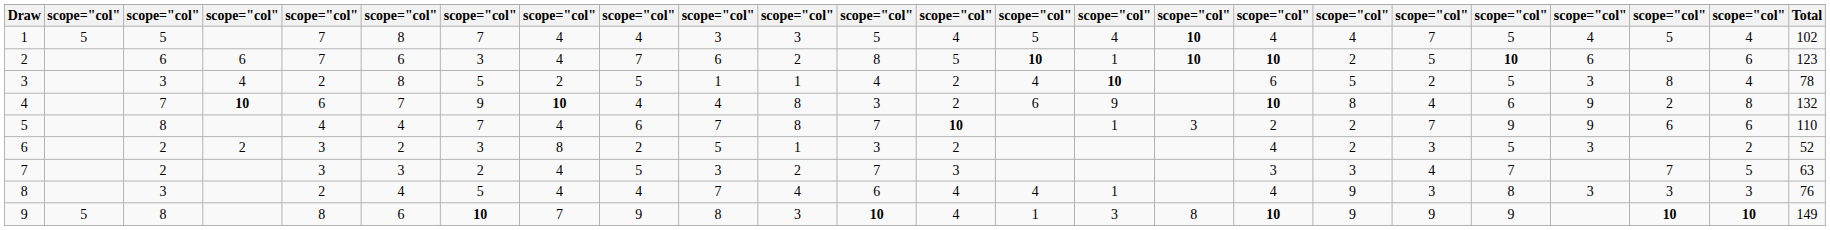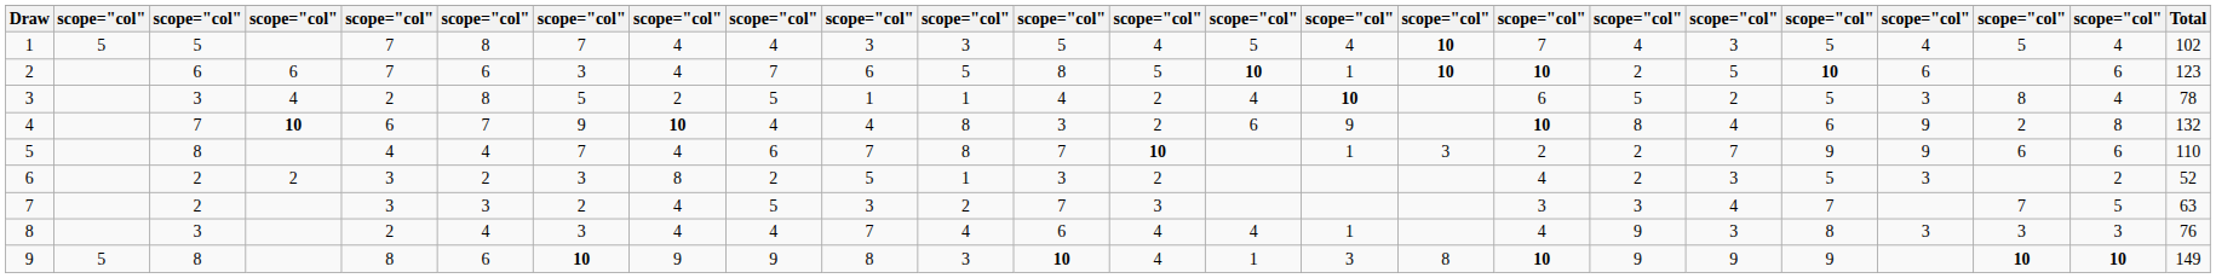 <table class="wikitable plainrowheaders" style="margin: 1em auto 1em auto; text-align:center;">
 <tr>
 </tr>
 <tr>
 <th scope="col">Draw</th>
 <th>scope="col" </th>
 <th>scope="col" </th>
 <th>scope="col" </th>
 <th>scope="col" </th>
 <th>scope="col" </th>
 <th>scope="col" </th>
 <th>scope="col" </th>
 <th>scope="col" </th>
 <th>scope="col" </th>
 <th>scope="col" </th>
 <th>scope="col" </th>
 <th>scope="col" </th>
 <th>scope="col" </th>
 <th>scope="col" </th>
 <th>scope="col" </th>
 <th>scope="col" </th>
 <th>scope="col" </th>
 <th>scope="col" </th>
 <th>scope="col" </th>
 <th>scope="col" </th>
 <th>scope="col" </th>
 <th>scope="col" </th>
 <th scope="col">Total</th>
 </tr>
 <tr>
 <td>1</td>
 <td>5</td>
 <td>5</td>
 <td></td>
 <td>7</td>
 <td>8</td>
 <td>7</td>
 <td>4</td>
 <td>4</td>
 <td>3</td>
 <td>3</td>
 <td>5</td>
 <td>4</td>
 <td>5</td>
 <td>4</td>
 <td><strong>10</strong></td>
+<td>7</td>
 <td>4</td>
-<td>4</td>
-<td>7</td>
+<td>3</td>
 <td>5</td>
 <td>4</td>
 <td>5</td>
 <td>4</td>
 <td>102</td>
 </tr>
 <tr>
 <td>2</td>
 <td></td>
 <td>6</td>
 <td>6</td>
 <td>7</td>
 <td>6</td>
 <td>3</td>
 <td>4</td>
 <td>7</td>
 <td>6</td>
-<td>2</td>
+<td>5</td>
 <td>8</td>
 <td>5</td>
 <td><strong>10</strong></td>
 <td>1</td>
 <td><strong>10</strong></td>
 <td><strong>10</strong></td>
 <td>2</td>
 <td>5</td>
 <td><strong>10</strong></td>
 <td>6</td>
 <td></td>
 <td>6</td>
 <td>123</td>
 </tr>
 <tr>
 <td>3</td>
 <td></td>
 <td>3</td>
 <td>4</td>
 <td>2</td>
 <td>8</td>
 <td>5</td>
 <td>2</td>
 <td>5</td>
 <td>1</td>
 <td>1</td>
 <td>4</td>
 <td>2</td>
 <td>4</td>
 <td><strong>10</strong></td>
 <td></td>
 <td>6</td>
 <td>5</td>
 <td>2</td>
 <td>5</td>
 <td>3</td>
 <td>8</td>
 <td>4</td>
 <td>78</td>
 </tr>
 <tr>
 <td>4</td>
 <td></td>
 <td>7</td>
 <td><strong>10</strong></td>
 <td>6</td>
 <td>7</td>
 <td>9</td>
 <td><strong>10</strong></td>
 <td>4</td>
 <td>4</td>
 <td>8</td>
 <td>3</td>
 <td>2</td>
 <td>6</td>
 <td>9</td>
 <td></td>
 <td><strong>10</strong></td>
 <td>8</td>
 <td>4</td>
 <td>6</td>
 <td>9</td>
 <td>2</td>
 <td>8</td>
 <td>132</td>
 </tr>
 <tr>
 <td>5</td>
 <td></td>
 <td>8</td>
 <td></td>
 <td>4</td>
 <td>4</td>
 <td>7</td>
 <td>4</td>
 <td>6</td>
 <td>7</td>
 <td>8</td>
 <td>7</td>
 <td><strong>10</strong></td>
 <td></td>
 <td>1</td>
 <td>3</td>
 <td>2</td>
 <td>2</td>
 <td>7</td>
 <td>9</td>
 <td>9</td>
 <td>6</td>
 <td>6</td>
 <td>110</td>
 </tr>
 <tr>
 <td>6</td>
 <td></td>
 <td>2</td>
 <td>2</td>
 <td>3</td>
 <td>2</td>
 <td>3</td>
 <td>8</td>
 <td>2</td>
 <td>5</td>
 <td>1</td>
 <td>3</td>
 <td>2</td>
 <td></td>
 <td></td>
 <td></td>
 <td>4</td>
 <td>2</td>
 <td>3</td>
 <td>5</td>
 <td>3</td>
 <td></td>
 <td>2</td>
 <td>52</td>
 </tr>
 <tr>
 <td>7</td>
 <td></td>
 <td>2</td>
 <td></td>
 <td>3</td>
 <td>3</td>
 <td>2</td>
 <td>4</td>
 <td>5</td>
 <td>3</td>
 <td>2</td>
 <td>7</td>
 <td>3</td>
 <td></td>
 <td></td>
 <td></td>
 <td>3</td>
 <td>3</td>
 <td>4</td>
 <td>7</td>
 <td></td>
 <td>7</td>
 <td>5</td>
 <td>63</td>
 </tr>
 <tr>
 <td>8</td>
 <td></td>
 <td>3</td>
 <td></td>
 <td>2</td>
 <td>4</td>
-<td>5</td>
+<td>3</td>
 <td>4</td>
 <td>4</td>
 <td>7</td>
 <td>4</td>
 <td>6</td>
 <td>4</td>
 <td>4</td>
 <td>1</td>
 <td></td>
 <td>4</td>
 <td>9</td>
 <td>3</td>
 <td>8</td>
 <td>3</td>
 <td>3</td>
 <td>3</td>
 <td>76</td>
 </tr>
 <tr>
 <td>9</td>
 <td>5</td>
 <td>8</td>
 <td></td>
 <td>8</td>
 <td>6</td>
 <td><strong>10</strong></td>
-<td>7</td>
+<td>9</td>
 <td>9</td>
 <td>8</td>
 <td>3</td>
 <td><strong>10</strong></td>
 <td>4</td>
 <td>1</td>
 <td>3</td>
 <td>8</td>
 <td><strong>10</strong></td>
 <td>9</td>
 <td>9</td>
 <td>9</td>
 <td></td>
 <td><strong>10</strong></td>
 <td><strong>10</strong></td>
 <td>149</td>
 </tr>
 </table>
